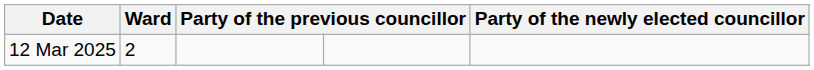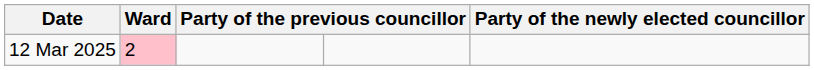 <table class="wikitable">
 <tr>
 <th>Date</th>
 <th>Ward</th>
 <th colspan=2>Party of the previous councillor</th>
 <th colspan=2>Party of the newly elected councillor</th>
 </tr>
 <tr>
 <td>12 Mar 2025</td>
-<td>2</td>
+<td style="background: pink;">2</td>
 <td></td>
 <td></td>
 </tr>
 </table>
